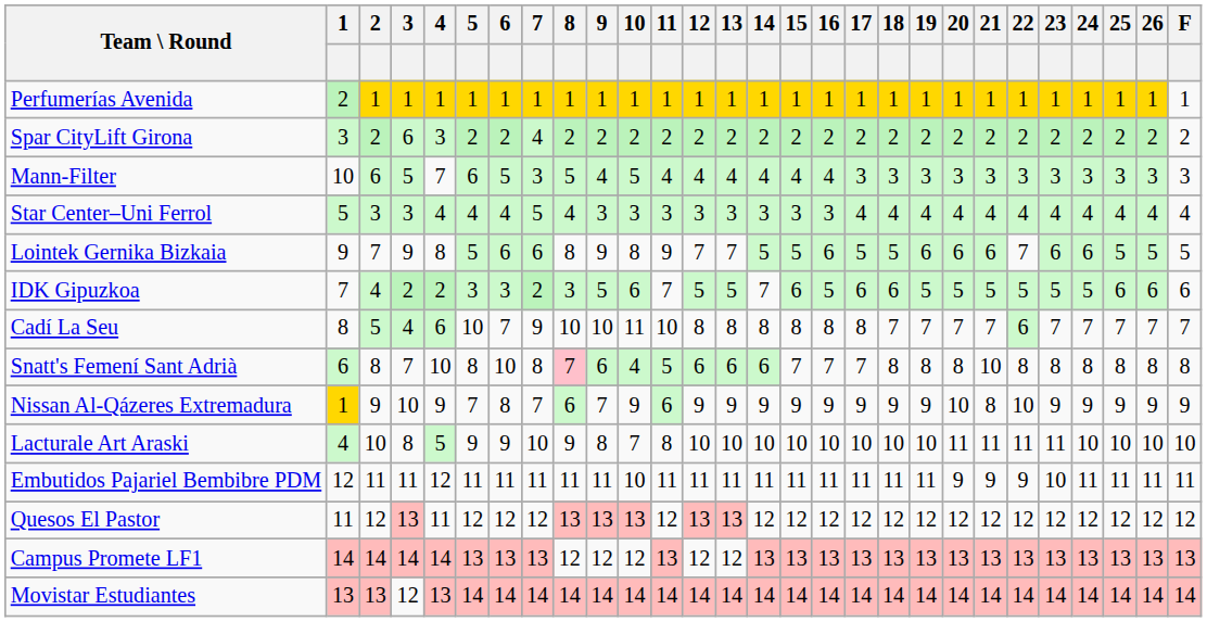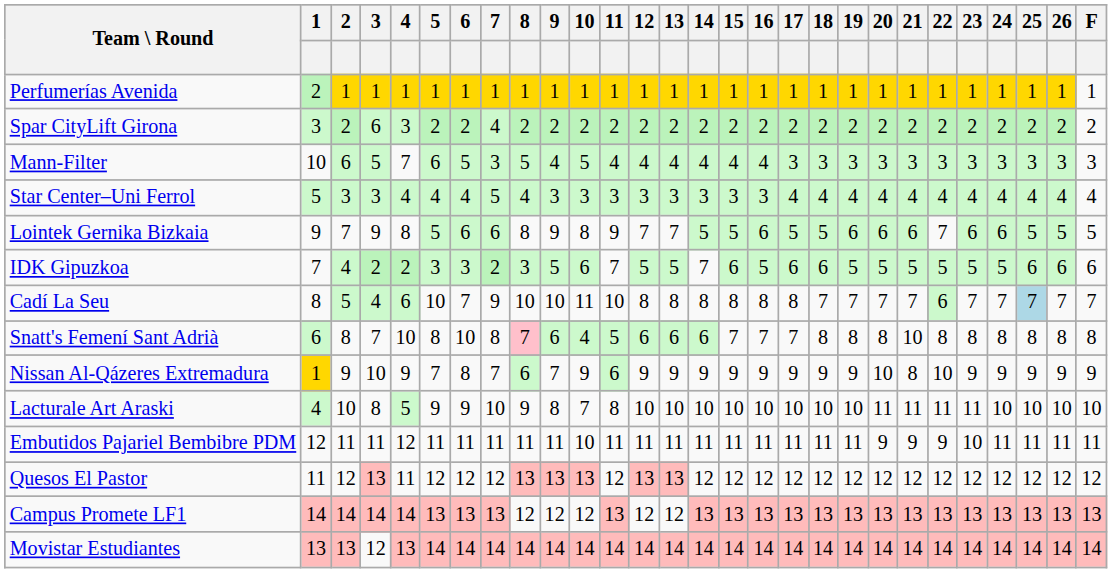 <table class="wikitable sortable" style="font-size: 74%; text-align:center;">
 <tr>
 <th rowspan="2">Team \ Round</th>
 <th class=unsortable>1</th>
 <th class=unsortable>2</th>
 <th class=unsortable>3</th>
 <th class=unsortable>4</th>
 <th class=unsortable>5</th>
 <th class=unsortable>6</th>
 <th class=unsortable>7</th>
 <th class=unsortable>8</th>
 <th class=unsortable>9</th>
 <th class=unsortable>10</th>
 <th class=unsortable>11</th>
 <th class=unsortable>12</th>
 <th class=unsortable>13</th>
 <th class=unsortable>14</th>
 <th class=unsortable>15</th>
 <th class=unsortable>16</th>
 <th class=unsortable>17</th>
 <th class=unsortable>18</th>
 <th class=unsortable>19</th>
 <th class=unsortable>20</th>
 <th class=unsortable>21</th>
 <th class=unsortable>22</th>
 <th class=unsortable>23</th>
 <th class=unsortable>24</th>
 <th class=unsortable>25</th>
 <th class=unsortable>26</th>
 <th class=unsortable>F</th>
 </tr>
 <tr style="text-align:center; height:20px;">
 <th scope=row></th>
 <th></th>
 <th></th>
 <th></th>
 <th></th>
 <th></th>
 <th></th>
 <th></th>
 <th></th>
 <th></th>
 <th></th>
 <th></th>
 <th></th>
 <th></th>
 <th></th>
 <th></th>
 <th></th>
 <th></th>
 <th></th>
 <th></th>
 <th></th>
 <th></th>
 <th></th>
 <th></th>
 <th></th>
 <th></th>
 <th></th>
 </tr>
 <tr>
 <td align=left><a href='#'>Perfumerías Avenida</a></td>
 <td bgcolor=#BBF3BB>2</td>
 <td bgcolor=gold>1</td>
 <td bgcolor=gold>1</td>
 <td bgcolor=gold>1</td>
 <td bgcolor=gold>1</td>
 <td bgcolor=gold>1</td>
 <td bgcolor=gold>1</td>
 <td bgcolor=gold>1</td>
 <td bgcolor=gold>1</td>
 <td bgcolor=gold>1</td>
 <td bgcolor=gold>1</td>
 <td bgcolor=gold>1</td>
 <td bgcolor=gold>1</td>
 <td bgcolor=gold>1</td>
 <td bgcolor=gold>1</td>
 <td bgcolor=gold>1</td>
 <td bgcolor=gold>1</td>
 <td bgcolor=gold>1</td>
 <td bgcolor=gold>1</td>
 <td bgcolor=gold>1</td>
 <td bgcolor=gold>1</td>
 <td bgcolor=gold>1</td>
 <td bgcolor=gold>1</td>
 <td bgcolor=gold>1</td>
 <td bgcolor=gold>1</td>
 <td bgcolor=gold>1</td>
 <td>1</td>
 </tr>
 <tr>
 <td align=left><a href='#'>Spar CityLift Girona</a></td>
 <td bgcolor=#CCF9CC>3</td>
 <td bgcolor=#BBF3BB>2</td>
 <td bgcolor=#CCF9CC>6</td>
 <td bgcolor=#CCF9CC>3</td>
 <td bgcolor=#BBF3BB>2</td>
 <td bgcolor=#BBF3BB>2</td>
 <td bgcolor=#CCF9CC>4</td>
 <td bgcolor=#BBF3BB>2</td>
 <td bgcolor=#BBF3BB>2</td>
 <td bgcolor=#BBF3BB>2</td>
 <td bgcolor=#BBF3BB>2</td>
 <td bgcolor=#BBF3BB>2</td>
 <td bgcolor=#BBF3BB>2</td>
 <td bgcolor=#BBF3BB>2</td>
 <td bgcolor=#BBF3BB>2</td>
 <td bgcolor=#BBF3BB>2</td>
 <td bgcolor=#BBF3BB>2</td>
 <td bgcolor=#BBF3BB>2</td>
 <td bgcolor=#BBF3BB>2</td>
 <td bgcolor=#BBF3BB>2</td>
 <td bgcolor=#BBF3BB>2</td>
 <td bgcolor=#BBF3BB>2</td>
 <td bgcolor=#BBF3BB>2</td>
 <td bgcolor=#BBF3BB>2</td>
 <td bgcolor=#BBF3BB>2</td>
 <td bgcolor=#BBF3BB>2</td>
 <td>2</td>
 </tr>
 <tr>
 <td align=left><a href='#'>Mann-Filter</a></td>
 <td>10</td>
 <td bgcolor=#CCF9CC>6</td>
 <td bgcolor=#CCF9CC>5</td>
 <td>7</td>
 <td bgcolor=#CCF9CC>6</td>
 <td bgcolor=#CCF9CC>5</td>
 <td bgcolor=#CCF9CC>3</td>
 <td bgcolor=#CCF9CC>5</td>
 <td bgcolor=#CCF9CC>4</td>
 <td bgcolor=#CCF9CC>5</td>
 <td bgcolor=#CCF9CC>4</td>
 <td bgcolor=#CCF9CC>4</td>
 <td bgcolor=#CCF9CC>4</td>
 <td bgcolor=#CCF9CC>4</td>
 <td bgcolor=#CCF9CC>4</td>
 <td bgcolor=#CCF9CC>4</td>
 <td bgcolor=#CCF9CC>3</td>
 <td bgcolor=#CCF9CC>3</td>
 <td bgcolor=#CCF9CC>3</td>
 <td bgcolor=#CCF9CC>3</td>
 <td bgcolor=#CCF9CC>3</td>
 <td bgcolor=#CCF9CC>3</td>
 <td bgcolor=#CCF9CC>3</td>
 <td bgcolor=#CCF9CC>3</td>
 <td bgcolor=#CCF9CC>3</td>
 <td bgcolor=#CCF9CC>3</td>
 <td>3</td>
 </tr>
 <tr>
 <td align=left><a href='#'>Star Center–Uni Ferrol</a></td>
 <td bgcolor=#CCF9CC>5</td>
 <td bgcolor=#CCF9CC>3</td>
 <td bgcolor=#CCF9CC>3</td>
 <td bgcolor=#CCF9CC>4</td>
 <td bgcolor=#CCF9CC>4</td>
 <td bgcolor=#CCF9CC>4</td>
 <td bgcolor=#CCF9CC>5</td>
 <td bgcolor=#CCF9CC>4</td>
 <td bgcolor=#CCF9CC>3</td>
 <td bgcolor=#CCF9CC>3</td>
 <td bgcolor=#CCF9CC>3</td>
 <td bgcolor=#CCF9CC>3</td>
 <td bgcolor=#CCF9CC>3</td>
 <td bgcolor=#CCF9CC>3</td>
 <td bgcolor=#CCF9CC>3</td>
 <td bgcolor=#CCF9CC>3</td>
 <td bgcolor=#CCF9CC>4</td>
 <td bgcolor=#CCF9CC>4</td>
 <td bgcolor=#CCF9CC>4</td>
 <td bgcolor=#CCF9CC>4</td>
 <td bgcolor=#CCF9CC>4</td>
 <td bgcolor=#CCF9CC>4</td>
 <td bgcolor=#CCF9CC>4</td>
 <td bgcolor=#CCF9CC>4</td>
 <td bgcolor=#CCF9CC>4</td>
 <td bgcolor=#CCF9CC>4</td>
 <td>4</td>
 </tr>
 <tr>
 <td align=left><a href='#'>Lointek Gernika Bizkaia</a></td>
 <td>9</td>
 <td>7</td>
 <td>9</td>
 <td>8</td>
 <td bgcolor=#CCF9CC>5</td>
 <td bgcolor=#CCF9CC>6</td>
 <td bgcolor=#CCF9CC>6</td>
 <td>8</td>
 <td>9</td>
 <td>8</td>
 <td>9</td>
 <td>7</td>
 <td>7</td>
 <td bgcolor=#CCF9CC>5</td>
 <td bgcolor=#CCF9CC>5</td>
 <td bgcolor=#CCF9CC>6</td>
 <td bgcolor=#CCF9CC>5</td>
 <td bgcolor=#CCF9CC>5</td>
 <td bgcolor=#CCF9CC>6</td>
 <td bgcolor=#CCF9CC>6</td>
 <td bgcolor=#CCF9CC>6</td>
 <td>7</td>
 <td bgcolor=#CCF9CC>6</td>
 <td bgcolor=#CCF9CC>6</td>
 <td bgcolor=#CCF9CC>5</td>
 <td bgcolor=#CCF9CC>5</td>
 <td>5</td>
 </tr>
 <tr>
 <td align=left><a href='#'>IDK Gipuzkoa</a></td>
 <td>7</td>
 <td bgcolor=#CCF9CC>4</td>
 <td bgcolor=#BBF3BB>2</td>
 <td bgcolor=#BBF3BB>2</td>
 <td bgcolor=#CCF9CC>3</td>
 <td bgcolor=#CCF9CC>3</td>
 <td bgcolor=#BBF3BB>2</td>
 <td bgcolor=#CCF9CC>3</td>
 <td bgcolor=#CCF9CC>5</td>
 <td bgcolor=#CCF9CC>6</td>
 <td>7</td>
 <td bgcolor=#CCF9CC>5</td>
 <td bgcolor=#CCF9CC>5</td>
 <td>7</td>
 <td bgcolor=#CCF9CC>6</td>
 <td bgcolor=#CCF9CC>5</td>
 <td bgcolor=#CCF9CC>6</td>
 <td bgcolor=#CCF9CC>6</td>
 <td bgcolor=#CCF9CC>5</td>
 <td bgcolor=#CCF9CC>5</td>
 <td bgcolor=#CCF9CC>5</td>
 <td bgcolor=#CCF9CC>5</td>
 <td bgcolor=#CCF9CC>5</td>
 <td bgcolor=#CCF9CC>5</td>
 <td bgcolor=#CCF9CC>6</td>
 <td bgcolor=#CCF9CC>6</td>
 <td>6</td>
 </tr>
 <tr>
 <td align=left><a href='#'>Cadí La Seu</a></td>
 <td>8</td>
 <td bgcolor=#CCF9CC>5</td>
 <td bgcolor=#CCF9CC>4</td>
 <td bgcolor=#CCF9CC>6</td>
 <td>10</td>
 <td>7</td>
 <td>9</td>
 <td>10</td>
 <td>10</td>
 <td>11</td>
 <td>10</td>
 <td>8</td>
 <td>8</td>
 <td>8</td>
 <td>8</td>
 <td>8</td>
 <td>8</td>
 <td>7</td>
 <td>7</td>
 <td>7</td>
 <td>7</td>
 <td bgcolor=#CCF9CC>6</td>
 <td>7</td>
 <td>7</td>
-<td>7</td>
+<td style="background: lightblue;">7</td>
 <td>7</td>
 <td>7</td>
 </tr>
 <tr>
 <td align=left><a href='#'>Snatt's Femení Sant Adrià</a></td>
 <td bgcolor=#CCF9CC>6</td>
 <td>8</td>
 <td>7</td>
 <td>10</td>
 <td>8</td>
 <td>10</td>
 <td>8</td>
 <td style="background: pink;">7</td>
 <td bgcolor=#CCF9CC>6</td>
 <td bgcolor=#CCF9CC>4</td>
 <td bgcolor=#CCF9CC>5</td>
 <td bgcolor=#CCF9CC>6</td>
 <td bgcolor=#CCF9CC>6</td>
 <td bgcolor=#CCF9CC>6</td>
 <td>7</td>
 <td>7</td>
 <td>7</td>
 <td>8</td>
 <td>8</td>
 <td>8</td>
 <td>10</td>
 <td>8</td>
 <td>8</td>
 <td>8</td>
 <td>8</td>
 <td>8</td>
 <td>8</td>
 </tr>
 <tr>
 <td align=left><a href='#'>Nissan Al-Qázeres Extremadura</a></td>
 <td bgcolor=gold>1</td>
 <td>9</td>
 <td>10</td>
 <td>9</td>
 <td>7</td>
 <td>8</td>
 <td>7</td>
 <td bgcolor=#CCF9CC>6</td>
 <td>7</td>
 <td>9</td>
 <td bgcolor=#CCF9CC>6</td>
 <td>9</td>
 <td>9</td>
 <td>9</td>
 <td>9</td>
 <td>9</td>
 <td>9</td>
 <td>9</td>
 <td>9</td>
 <td>10</td>
 <td>8</td>
 <td>10</td>
 <td>9</td>
 <td>9</td>
 <td>9</td>
 <td>9</td>
 <td>9</td>
 </tr>
 <tr>
 <td align=left><a href='#'>Lacturale Art Araski</a></td>
 <td bgcolor=#CCF9CC>4</td>
 <td>10</td>
 <td>8</td>
 <td bgcolor=#CCF9CC>5</td>
 <td>9</td>
 <td>9</td>
 <td>10</td>
 <td>9</td>
 <td>8</td>
 <td>7</td>
 <td>8</td>
 <td>10</td>
 <td>10</td>
 <td>10</td>
 <td>10</td>
 <td>10</td>
 <td>10</td>
 <td>10</td>
 <td>10</td>
 <td>11</td>
 <td>11</td>
 <td>11</td>
 <td>11</td>
 <td>10</td>
 <td>10</td>
 <td>10</td>
 <td>10</td>
 </tr>
 <tr>
 <td align=left><a href='#'>Embutidos Pajariel Bembibre PDM</a></td>
 <td>12</td>
 <td>11</td>
 <td>11</td>
 <td>12</td>
 <td>11</td>
 <td>11</td>
 <td>11</td>
 <td>11</td>
 <td>11</td>
 <td>10</td>
 <td>11</td>
 <td>11</td>
 <td>11</td>
 <td>11</td>
 <td>11</td>
 <td>11</td>
 <td>11</td>
 <td>11</td>
 <td>11</td>
 <td>9</td>
 <td>9</td>
 <td>9</td>
 <td>10</td>
 <td>11</td>
 <td>11</td>
 <td>11</td>
 <td>11</td>
 </tr>
 <tr>
 <td align=left><a href='#'>Quesos El Pastor</a></td>
 <td>11</td>
 <td>12</td>
 <td bgcolor=#FFBBBB>13</td>
 <td>11</td>
 <td>12</td>
 <td>12</td>
 <td>12</td>
 <td bgcolor=#FFBBBB>13</td>
 <td bgcolor=#FFBBBB>13</td>
 <td bgcolor=#FFBBBB>13</td>
 <td>12</td>
 <td bgcolor=#FFBBBB>13</td>
 <td bgcolor=#FFBBBB>13</td>
 <td>12</td>
 <td>12</td>
 <td>12</td>
 <td>12</td>
 <td>12</td>
 <td>12</td>
 <td>12</td>
 <td>12</td>
 <td>12</td>
 <td>12</td>
 <td>12</td>
 <td>12</td>
 <td>12</td>
 <td>12</td>
 </tr>
 <tr>
 <td align=left><a href='#'>Campus Promete LF1</a></td>
 <td bgcolor=#FFBBBB>14</td>
 <td bgcolor=#FFBBBB>14</td>
 <td bgcolor=#FFBBBB>14</td>
 <td bgcolor=#FFBBBB>14</td>
 <td bgcolor=#FFBBBB>13</td>
 <td bgcolor=#FFBBBB>13</td>
 <td bgcolor=#FFBBBB>13</td>
 <td>12</td>
 <td>12</td>
 <td>12</td>
 <td bgcolor=#FFBBBB>13</td>
 <td>12</td>
 <td>12</td>
 <td bgcolor=#FFBBBB>13</td>
 <td bgcolor=#FFBBBB>13</td>
 <td bgcolor=#FFBBBB>13</td>
 <td bgcolor=#FFBBBB>13</td>
 <td bgcolor=#FFBBBB>13</td>
 <td bgcolor=#FFBBBB>13</td>
 <td bgcolor=#FFBBBB>13</td>
 <td bgcolor=#FFBBBB>13</td>
 <td bgcolor=#FFBBBB>13</td>
 <td bgcolor=#FFBBBB>13</td>
 <td bgcolor=#FFBBBB>13</td>
 <td bgcolor=#FFBBBB>13</td>
 <td bgcolor=#FFBBBB>13</td>
 <td bgcolor=#FFBBBB>13</td>
 </tr>
 <tr>
 <td align=left><a href='#'>Movistar Estudiantes</a></td>
 <td bgcolor=#FFBBBB>13</td>
 <td bgcolor=#FFBBBB>13</td>
 <td>12</td>
 <td bgcolor=#FFBBBB>13</td>
 <td bgcolor=#FFBBBB>14</td>
 <td bgcolor=#FFBBBB>14</td>
 <td bgcolor=#FFBBBB>14</td>
 <td bgcolor=#FFBBBB>14</td>
 <td bgcolor=#FFBBBB>14</td>
 <td bgcolor=#FFBBBB>14</td>
 <td bgcolor=#FFBBBB>14</td>
 <td bgcolor=#FFBBBB>14</td>
 <td bgcolor=#FFBBBB>14</td>
 <td bgcolor=#FFBBBB>14</td>
 <td bgcolor=#FFBBBB>14</td>
 <td bgcolor=#FFBBBB>14</td>
 <td bgcolor=#FFBBBB>14</td>
 <td bgcolor=#FFBBBB>14</td>
 <td bgcolor=#FFBBBB>14</td>
 <td bgcolor=#FFBBBB>14</td>
 <td bgcolor=#FFBBBB>14</td>
 <td bgcolor=#FFBBBB>14</td>
 <td bgcolor=#FFBBBB>14</td>
 <td bgcolor=#FFBBBB>14</td>
 <td bgcolor=#FFBBBB>14</td>
 <td bgcolor=#FFBBBB>14</td>
 <td bgcolor=#FFBBBB>14</td>
 </tr>
 </table>
